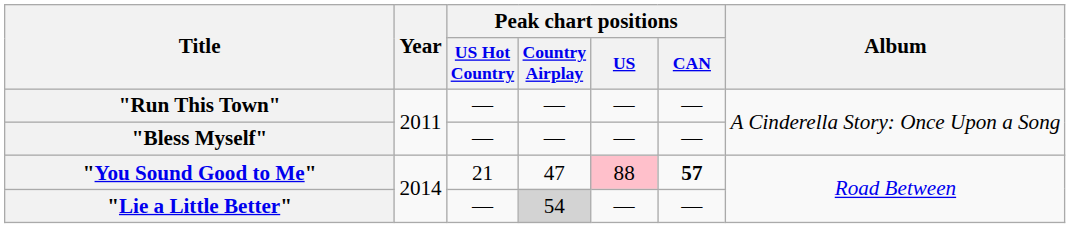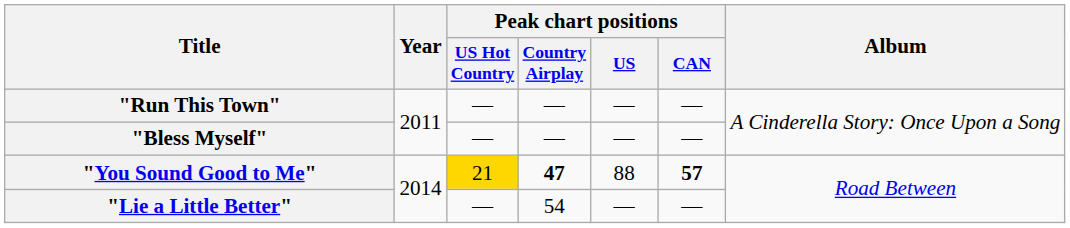 <table class="wikitable plainrowheaders" style="text-align:center;" border="1">
 <tr>
 <th scope="col" rowspan="2" style="width:18em;">Title</th>
 <th scope="col" rowspan="2">Year</th>
 <th scope="col" colspan="4">Peak chart positions</th>
 <th scope="col" rowspan="2">Album</th>
 </tr>
 <tr style="font-size:smaller;">
 <th style="width:45px;"><a href='#'>US Hot Country</a></th>
 <th style="width:45px;"><a href='#'>Country Airplay</a></th>
 <th style="width:45px;"><a href='#'>US</a></th>
 <th style="width:45px;"><a href='#'>CAN</a></th>
 </tr>
 <tr>
 <th scope="row">"Run This Town"</th>
 <td rowspan="2">2011</td>
 <td>—</td>
 <td>—</td>
 <td>—</td>
 <td>—</td>
 <td rowspan="2"><em>A Cinderella Story: Once Upon a Song</em></td>
 </tr>
 <tr>
 <th scope="row">"Bless Myself"</th>
 <td>—</td>
 <td>—</td>
 <td>—</td>
 <td>—</td>
 </tr>
 <tr>
 <th scope="row">"<a href='#'>You Sound Good to Me</a>"</th>
 <td rowspan="2">2014</td>
-<td>21</td>
-<td>47</td>
-<td style="background: pink;">88</td>
+<td style="background: gold;">21</td>
+<td><strong>47</strong></td>
+<td>88</td>
 <td><strong>57</strong></td>
 <td rowspan="2"><em><a href='#'>Road Between</a></em></td>
 </tr>
 <tr>
 <th scope="row">"<a href='#'>Lie a Little Better</a>"</th>
 <td>—</td>
-<td style="background: lightgrey;">54</td>
+<td>54</td>
 <td>—</td>
 <td>—</td>
 </tr>
 </table>
